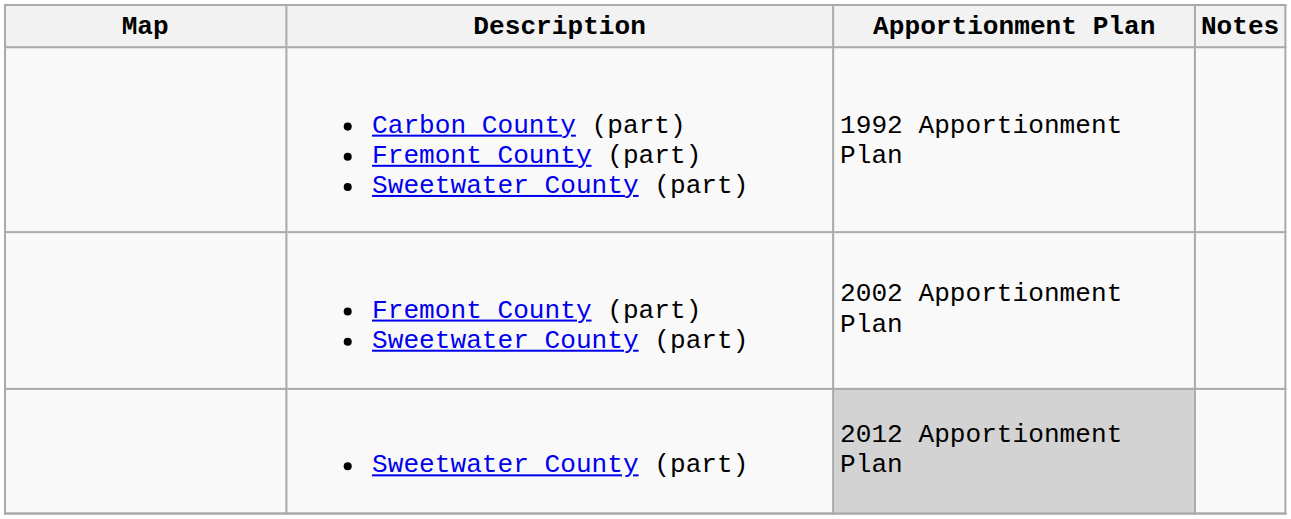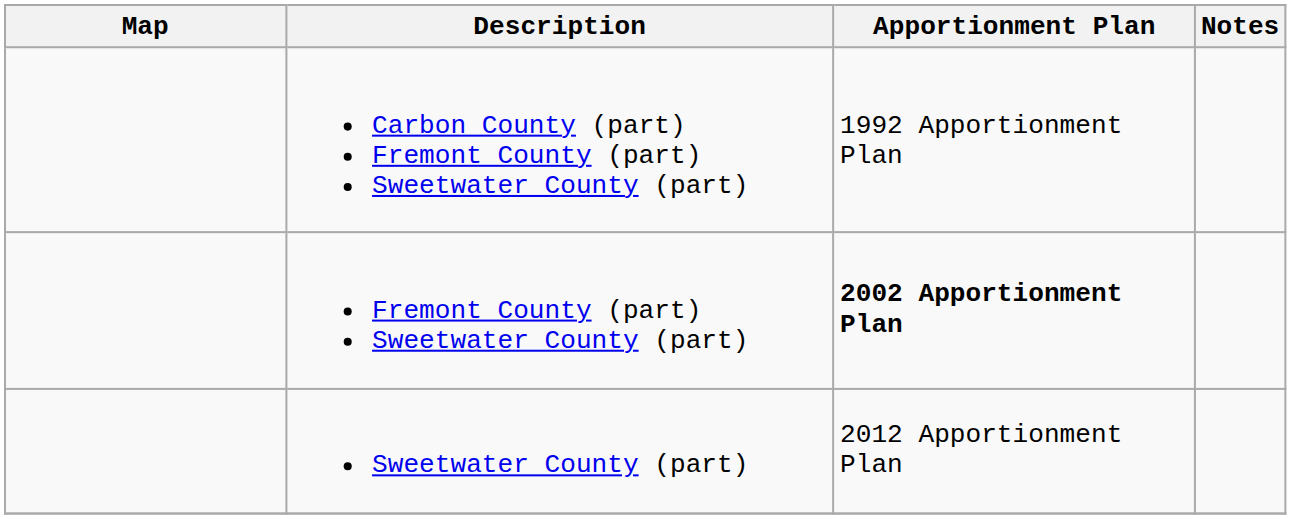 <table class="wikitable sortable">
 <tr>
 <th style="width:100pt;">Map</th>
 <th style="width:200pt;">Description</th>
 <th style="width:130pt;">Apportionment Plan</th>
 <th style="width:15pt;">Notes</th>
 </tr>
 <tr>
 <td></td>
 <td><br><ul><li><a href='#'>Carbon County</a> (part)</li><li><a href='#'>Fremont County</a> (part)</li><li><a href='#'>Sweetwater County</a> (part)</li></ul></td>
 <td>1992 Apportionment Plan</td>
 <td></td>
 </tr>
 <tr>
 <td></td>
 <td><br><ul><li><a href='#'>Fremont County</a> (part)</li><li><a href='#'>Sweetwater County</a> (part)</li></ul></td>
-<td>2002 Apportionment Plan</td>
+<td><strong>2002 Apportionment Plan</strong></td>
 <td></td>
 </tr>
 <tr>
 <td></td>
 <td><br><ul><li><a href='#'>Sweetwater County</a> (part)</li></ul></td>
-<td style="background: lightgrey;">2012 Apportionment Plan</td>
+<td>2012 Apportionment Plan</td>
 <td></td>
 </tr>
 <tr>
 </tr>
 </table>
